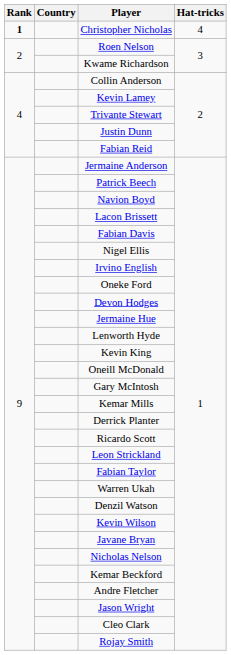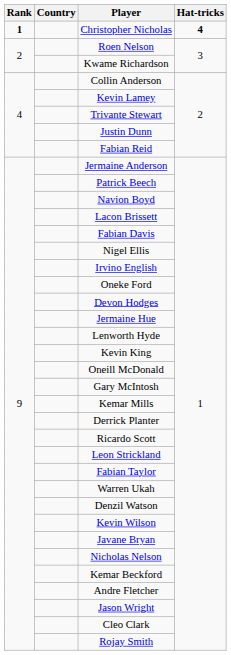 <table class="wikitable mw-collapsible" style="text-align:center;">
 <tr>
 <th>Rank</th>
 <th>Country</th>
 <th>Player</th>
 <th>Hat-tricks</th>
 </tr>
 <tr>
 <td><strong>1</strong></td>
 <td></td>
 <td><a href='#'>Christopher Nicholas</a></td>
-<td>4</td>
+<td><strong>4</strong></td>
 </tr>
 <tr>
 <td rowspan="2">2</td>
 <td></td>
 <td><a href='#'>Roen Nelson</a></td>
 <td rowspan="2">3</td>
 </tr>
 <tr>
 <td></td>
 <td>Kwame Richardson</td>
 </tr>
 <tr>
 <td rowspan="5">4</td>
 <td></td>
 <td>Collin Anderson</td>
 <td rowspan="5">2</td>
 </tr>
 <tr>
 <td></td>
 <td><a href='#'>Kevin Lamey</a></td>
 </tr>
 <tr>
 <td></td>
 <td><a href='#'>Trivante Stewart</a></td>
 </tr>
 <tr>
 <td></td>
 <td><a href='#'>Justin Dunn</a></td>
 </tr>
 <tr>
 <td></td>
 <td><a href='#'>Fabian Reid</a></td>
 </tr>
 <tr>
 <td rowspan="29">9</td>
 <td></td>
 <td><a href='#'>Jermaine Anderson</a></td>
 <td rowspan="29">1</td>
 </tr>
 <tr>
 <td></td>
 <td><a href='#'>Patrick Beech</a></td>
 </tr>
 <tr>
 <td></td>
 <td><a href='#'>Navion Boyd</a></td>
 </tr>
 <tr>
 <td></td>
 <td><a href='#'>Lacon Brissett</a></td>
 </tr>
 <tr>
 <td></td>
 <td><a href='#'>Fabian Davis</a></td>
 </tr>
 <tr>
 <td></td>
 <td>Nigel Ellis</td>
 </tr>
 <tr>
 <td></td>
 <td><a href='#'>Irvino English</a></td>
 </tr>
 <tr>
 <td></td>
 <td>Oneke Ford</td>
 </tr>
 <tr>
 <td></td>
 <td><a href='#'>Devon Hodges</a></td>
 </tr>
 <tr>
 <td></td>
 <td><a href='#'>Jermaine Hue</a></td>
 </tr>
 <tr>
 <td></td>
 <td>Lenworth Hyde</td>
 </tr>
 <tr>
 <td></td>
 <td>Kevin King</td>
 </tr>
 <tr>
 <td></td>
 <td>Oneill McDonald</td>
 </tr>
 <tr>
 <td></td>
 <td>Gary McIntosh</td>
 </tr>
 <tr>
 <td></td>
 <td>Kemar Mills</td>
 </tr>
 <tr>
 <td></td>
 <td>Derrick Planter</td>
 </tr>
 <tr>
 <td></td>
 <td>Ricardo Scott</td>
 </tr>
 <tr>
 <td></td>
 <td><a href='#'>Leon Strickland</a></td>
 </tr>
 <tr>
 <td></td>
 <td><a href='#'>Fabian Taylor</a></td>
 </tr>
 <tr>
 <td></td>
 <td>Warren Ukah</td>
 </tr>
 <tr>
 <td></td>
 <td>Denzil Watson</td>
 </tr>
 <tr>
 <td></td>
 <td><a href='#'>Kevin Wilson</a></td>
 </tr>
 <tr>
 <td></td>
 <td><a href='#'>Javane Bryan</a></td>
 </tr>
 <tr>
 <td></td>
 <td><a href='#'>Nicholas Nelson</a></td>
 </tr>
 <tr>
 <td></td>
 <td>Kemar Beckford</td>
 </tr>
 <tr>
 <td></td>
 <td>Andre Fletcher</td>
 </tr>
 <tr>
 <td></td>
 <td><a href='#'>Jason Wright</a></td>
 </tr>
 <tr>
 <td></td>
 <td>Cleo Clark</td>
 </tr>
 <tr>
 <td></td>
 <td><a href='#'>Rojay Smith</a></td>
 </tr>
 </table>
